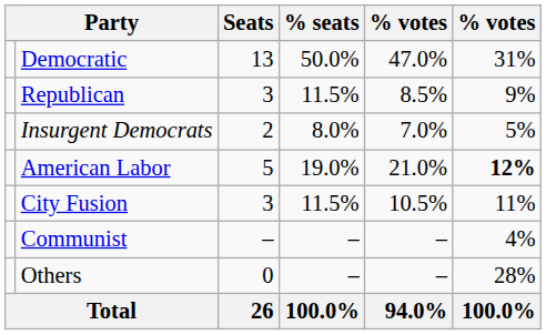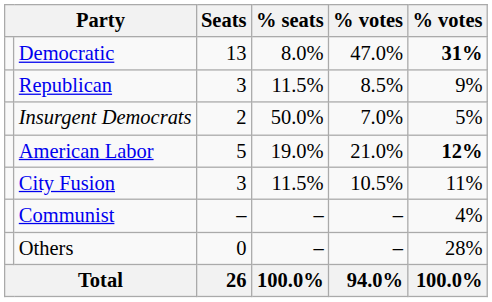 <table class="wikitable sortable">
 <tr>
 <th colspan=2>Party</th>
 <th>Seats</th>
 <th>% seats</th>
 <th>% votes<br></th>
 <th>% votes<br></th>
 </tr>
 <tr>
 <td style="background-color:"></td>
 <td><a href='#'>Democratic</a></td>
 <td style="text-align:right;">13</td>
-<td style="text-align:right;">50.0%</td>
+<td style="text-align:right;">8.0%</td>
 <td style="text-align:right;">47.0%</td>
-<td style="text-align:right;">31%</td>
+<td style="text-align:right;"><strong>31%</strong></td>
 </tr>
 <tr>
 <td style="background-color:"></td>
 <td><a href='#'>Republican</a></td>
 <td style="text-align:right;">3</td>
 <td style="text-align:right;">11.5%</td>
 <td style="text-align:right;">8.5%</td>
 <td style="text-align:right;">9%</td>
 </tr>
 <tr>
 <td style="background-color:"></td>
 <td><em>Insurgent Democrats</em></td>
 <td style="text-align:right;">2</td>
-<td style="text-align:right;">8.0%</td>
+<td style="text-align:right;">50.0%</td>
 <td style="text-align:right;">7.0%</td>
 <td style="text-align:right;">5%</td>
 </tr>
 <tr>
 <td style="background-color:"></td>
 <td><a href='#'>American Labor</a></td>
 <td style="text-align:right;">5</td>
 <td style="text-align:right;">19.0%</td>
 <td style="text-align:right;">21.0%</td>
 <td style="text-align:right;"><strong>12%</strong></td>
 </tr>
 <tr>
 <td style="background-color:"></td>
 <td><a href='#'>City Fusion</a></td>
 <td style="text-align:right;">3</td>
 <td style="text-align:right;">11.5%</td>
 <td style="text-align:right;">10.5%</td>
 <td style="text-align:right;">11%</td>
 </tr>
 <tr>
 <td style="background-color:"></td>
 <td><a href='#'>Communist</a></td>
 <td style="text-align:right;">–</td>
 <td style="text-align:right;">–</td>
 <td style="text-align:right;">–</td>
 <td style="text-align:right;">4%</td>
 </tr>
 <tr>
 <td style="background-color:"></td>
 <td>Others</td>
 <td style="text-align:right;">0</td>
 <td style="text-align:right;">–</td>
 <td style="text-align:right;">–</td>
 <td style="text-align:right;">28%</td>
 </tr>
 <tr>
 <th colspan=2>Total</th>
 <th style="text-align:right;">26</th>
 <th style="text-align:right;">100.0%</th>
 <th style="text-align:right;">94.0%</th>
 <th style="text-align:right;">100.0%</th>
 </tr>
 </table>
